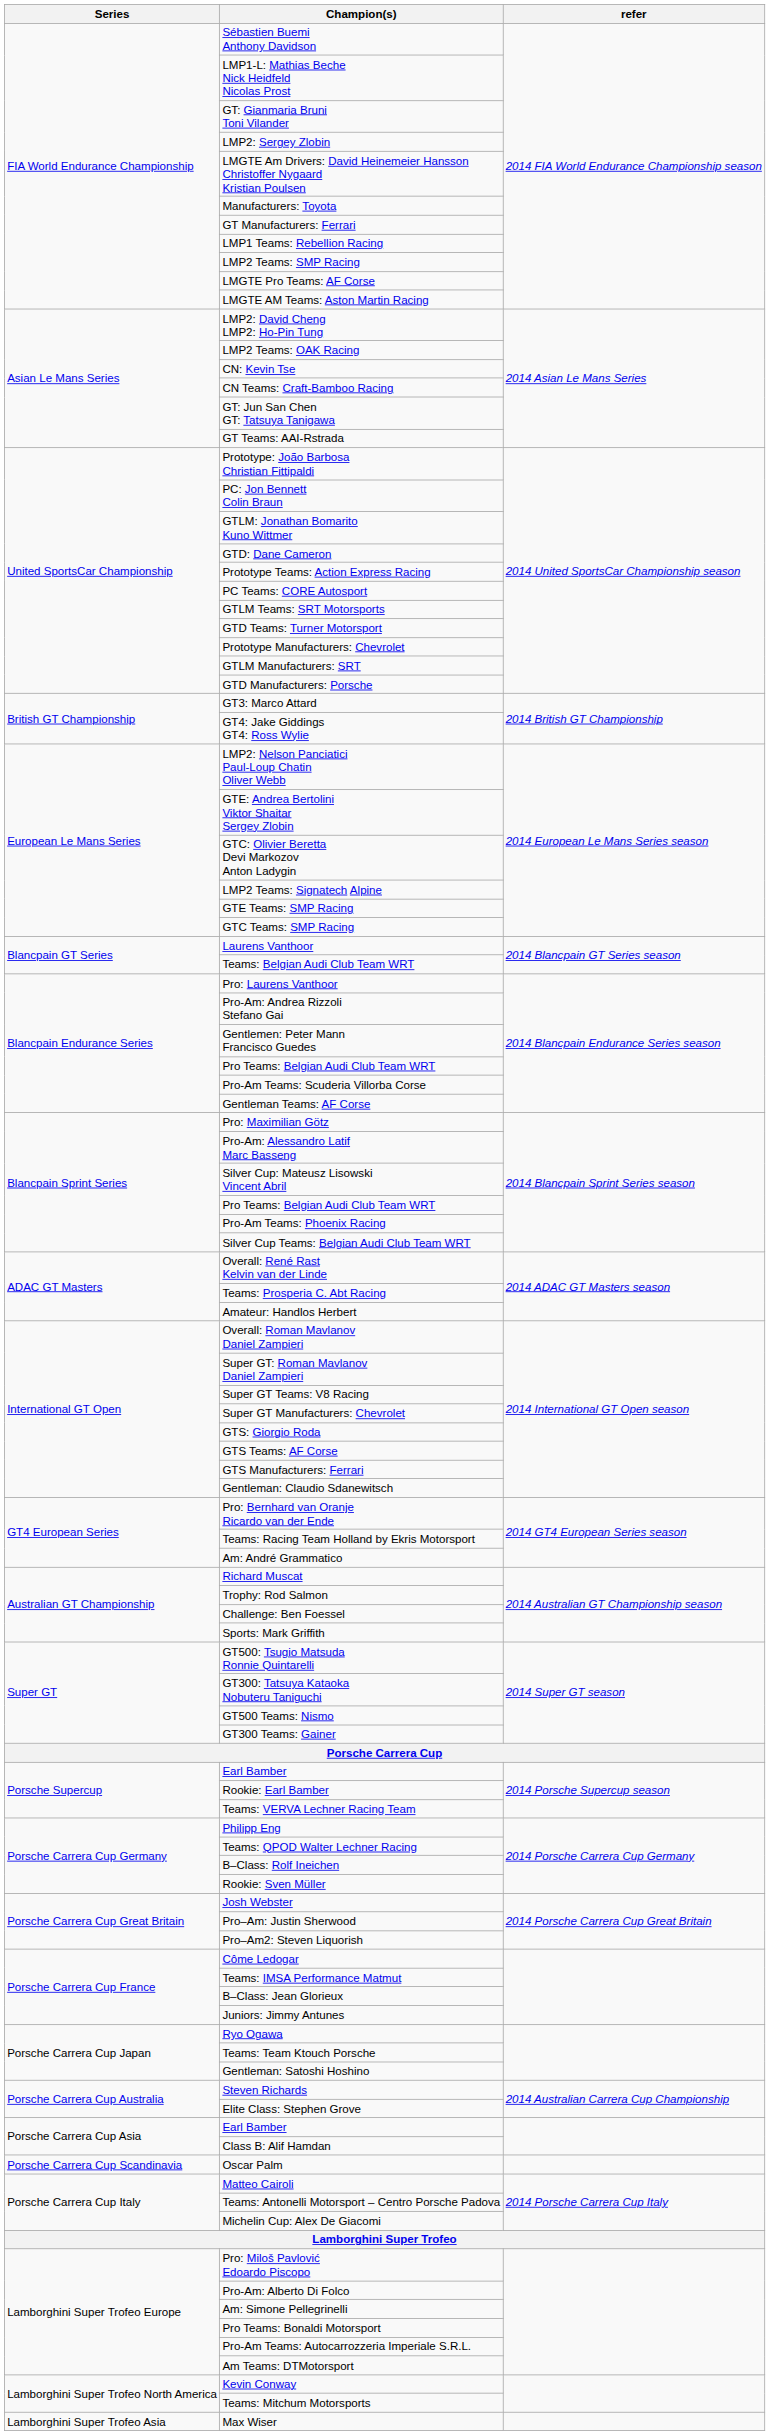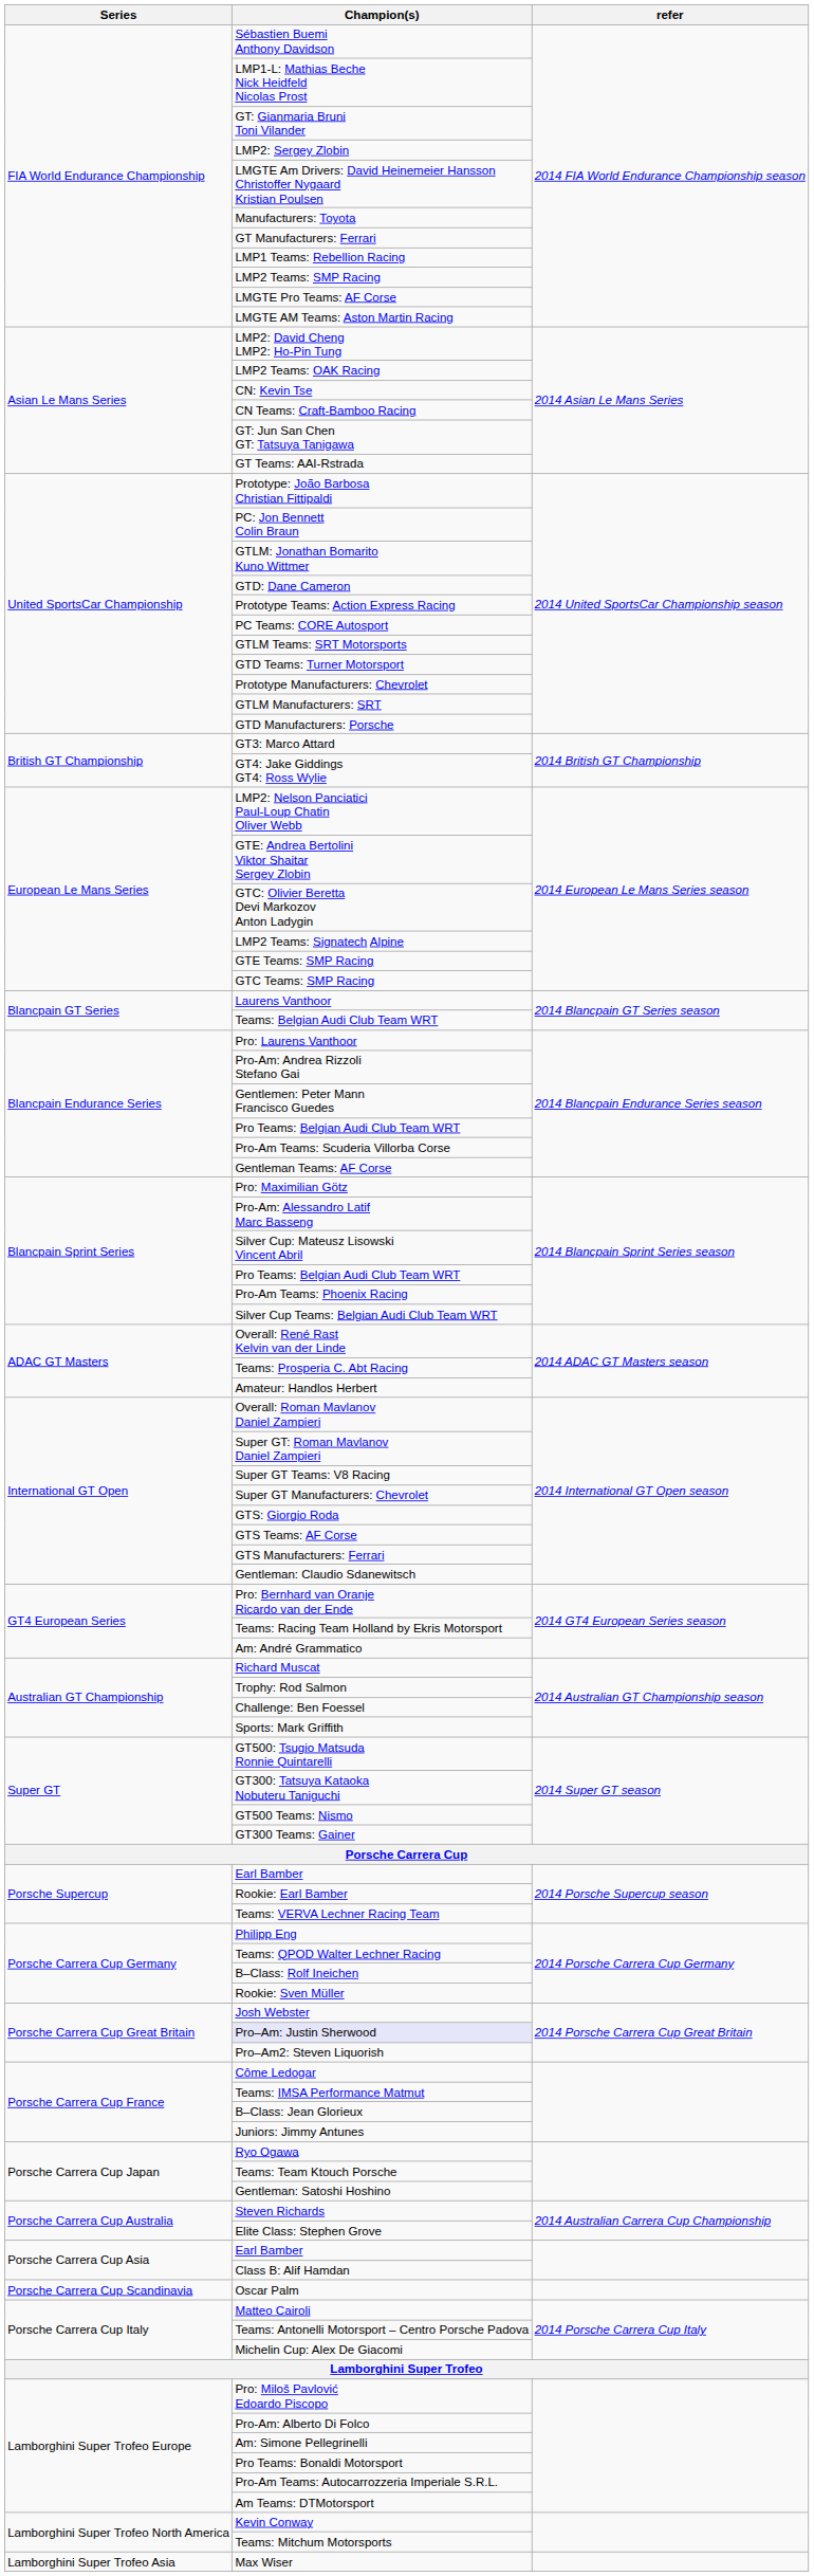 <table class="wikitable" style="font-size: 87%;">
 <tr>
 <th>Series</th>
 <th>Champion(s)</th>
 <th>refer</th>
 </tr>
 <tr>
 <td rowspan=11><a href='#'>FIA World Endurance Championship</a></td>
 <td> <a href='#'>Sébastien Buemi</a><br> <a href='#'>Anthony Davidson</a></td>
 <td rowspan=11><em><a href='#'>2014 FIA World Endurance Championship season</a></em></td>
 </tr>
 <tr>
 <td>LMP1-L:  <a href='#'>Mathias Beche</a><br> <a href='#'>Nick Heidfeld</a><br> <a href='#'>Nicolas Prost</a></td>
 </tr>
 <tr>
 <td>GT:  <a href='#'>Gianmaria Bruni</a><br> <a href='#'>Toni Vilander</a></td>
 </tr>
 <tr>
 <td>LMP2:  <a href='#'>Sergey Zlobin</a></td>
 </tr>
 <tr>
 <td>LMGTE Am Drivers:  <a href='#'>David Heinemeier Hansson</a><br> <a href='#'>Christoffer Nygaard</a><br> <a href='#'>Kristian Poulsen</a></td>
 </tr>
 <tr>
 <td>Manufacturers:  <a href='#'>Toyota</a></td>
 </tr>
 <tr>
 <td>GT Manufacturers:  <a href='#'>Ferrari</a></td>
 </tr>
 <tr>
 <td>LMP1 Teams:  <a href='#'>Rebellion Racing</a></td>
 </tr>
 <tr>
 <td>LMP2 Teams:  <a href='#'>SMP Racing</a></td>
 </tr>
 <tr>
 <td>LMGTE Pro Teams:  <a href='#'>AF Corse</a></td>
 </tr>
 <tr>
 <td>LMGTE AM Teams:  <a href='#'>Aston Martin Racing</a></td>
 </tr>
 <tr>
 <td rowspan=6><a href='#'>Asian Le Mans Series</a></td>
 <td>LMP2:  <a href='#'>David Cheng</a><br>LMP2:  <a href='#'>Ho-Pin Tung</a></td>
 <td rowspan=6><em><a href='#'>2014 Asian Le Mans Series</a></em></td>
 </tr>
 <tr>
 <td>LMP2 Teams:  <a href='#'>OAK Racing</a></td>
 </tr>
 <tr>
 <td>CN:  <a href='#'>Kevin Tse</a></td>
 </tr>
 <tr>
 <td>CN Teams:  <a href='#'>Craft-Bamboo Racing</a></td>
 </tr>
 <tr>
 <td>GT:  Jun San Chen<br>GT:  <a href='#'>Tatsuya Tanigawa</a></td>
 </tr>
 <tr>
 <td>GT Teams:  AAI-Rstrada</td>
 </tr>
 <tr>
 <td rowspan=11><a href='#'>United SportsCar Championship</a></td>
 <td>Prototype:  <a href='#'>João Barbosa</a><br> <a href='#'>Christian Fittipaldi</a></td>
 <td rowspan=11><em><a href='#'>2014 United SportsCar Championship season</a></em></td>
 </tr>
 <tr>
 <td>PC:  <a href='#'>Jon Bennett</a><br> <a href='#'>Colin Braun</a></td>
 </tr>
 <tr>
 <td>GTLM:  <a href='#'>Jonathan Bomarito</a> <br> <a href='#'>Kuno Wittmer</a></td>
 </tr>
 <tr>
 <td>GTD:  <a href='#'>Dane Cameron</a></td>
 </tr>
 <tr>
 <td>Prototype Teams:  <a href='#'>Action Express Racing</a></td>
 </tr>
 <tr>
 <td>PC Teams:  <a href='#'>CORE Autosport</a></td>
 </tr>
 <tr>
 <td>GTLM Teams:  <a href='#'>SRT Motorsports</a></td>
 </tr>
 <tr>
 <td>GTD Teams:  <a href='#'>Turner Motorsport</a></td>
 </tr>
 <tr>
 <td>Prototype Manufacturers:  <a href='#'>Chevrolet</a></td>
 </tr>
 <tr>
 <td>GTLM Manufacturers:  <a href='#'>SRT</a></td>
 </tr>
 <tr>
 <td>GTD Manufacturers:  <a href='#'>Porsche</a></td>
 </tr>
 <tr>
 <td rowspan=2><a href='#'>British GT Championship</a></td>
 <td>GT3:  Marco Attard</td>
 <td rowspan=2><em><a href='#'>2014 British GT Championship</a></em></td>
 </tr>
 <tr>
 <td>GT4:  Jake Giddings<br>GT4:  <a href='#'>Ross Wylie</a></td>
 </tr>
 <tr>
 <td rowspan=6><a href='#'>European Le Mans Series</a></td>
 <td>LMP2:  <a href='#'>Nelson Panciatici</a><br> <a href='#'>Paul-Loup Chatin</a><br> <a href='#'>Oliver Webb</a></td>
 <td rowspan=6><em><a href='#'>2014 European Le Mans Series season</a></em></td>
 </tr>
 <tr>
 <td>GTE:  <a href='#'>Andrea Bertolini</a><br> <a href='#'>Viktor Shaitar</a><br> <a href='#'>Sergey Zlobin</a></td>
 </tr>
 <tr>
 <td>GTC:  <a href='#'>Olivier Beretta</a><br> Devi Markozov<br> Anton Ladygin</td>
 </tr>
 <tr>
 <td>LMP2 Teams:  <a href='#'>Signatech</a> <a href='#'>Alpine</a></td>
 </tr>
 <tr>
 <td>GTE Teams:  <a href='#'>SMP Racing</a></td>
 </tr>
 <tr>
 <td>GTC Teams:  <a href='#'>SMP Racing</a></td>
 </tr>
 <tr>
 <td rowspan=2><a href='#'>Blancpain GT Series</a></td>
 <td> <a href='#'>Laurens Vanthoor</a></td>
 <td rowspan=2><em><a href='#'>2014 Blancpain GT Series season</a></em></td>
 </tr>
 <tr>
 <td>Teams:  <a href='#'>Belgian Audi Club Team WRT</a></td>
 </tr>
 <tr>
 <td rowspan=6><a href='#'>Blancpain Endurance Series</a></td>
 <td>Pro:  <a href='#'>Laurens Vanthoor</a></td>
 <td rowspan=6><em><a href='#'>2014 Blancpain Endurance Series season</a></em></td>
 </tr>
 <tr>
 <td>Pro-Am:  Andrea Rizzoli<br> Stefano Gai</td>
 </tr>
 <tr>
 <td>Gentlemen:  Peter Mann<br> Francisco Guedes</td>
 </tr>
 <tr>
 <td>Pro Teams:  <a href='#'>Belgian Audi Club Team WRT</a></td>
 </tr>
 <tr>
 <td>Pro-Am Teams:  Scuderia Villorba Corse</td>
 </tr>
 <tr>
 <td>Gentleman Teams:  <a href='#'>AF Corse</a></td>
 </tr>
 <tr>
 <td rowspan=6><a href='#'>Blancpain Sprint Series</a></td>
 <td>Pro:  <a href='#'>Maximilian Götz</a></td>
 <td rowspan=6><em><a href='#'>2014 Blancpain Sprint Series season</a></em></td>
 </tr>
 <tr>
 <td>Pro-Am:  <a href='#'>Alessandro Latif</a><br> <a href='#'>Marc Basseng</a></td>
 </tr>
 <tr>
 <td>Silver Cup:  Mateusz Lisowski<br> <a href='#'>Vincent Abril</a></td>
 </tr>
 <tr>
 <td>Pro Teams:  <a href='#'>Belgian Audi Club Team WRT</a></td>
 </tr>
 <tr>
 <td>Pro-Am Teams:  <a href='#'>Phoenix Racing</a></td>
 </tr>
 <tr>
 <td>Silver Cup Teams:  <a href='#'>Belgian Audi Club Team WRT</a></td>
 </tr>
 <tr>
 <td rowspan=3><a href='#'>ADAC GT Masters</a></td>
 <td>Overall:  <a href='#'>René Rast</a><br> <a href='#'>Kelvin van der Linde</a></td>
 <td rowspan=3><em><a href='#'>2014 ADAC GT Masters season</a></em></td>
 </tr>
 <tr>
 <td>Teams:  <a href='#'>Prosperia C. Abt Racing</a></td>
 </tr>
 <tr>
 <td>Amateur:  Handlos Herbert</td>
 </tr>
 <tr>
 <td rowspan=8><a href='#'>International GT Open</a></td>
 <td>Overall:  <a href='#'>Roman Mavlanov</a><br> <a href='#'>Daniel Zampieri</a></td>
 <td rowspan=8><em><a href='#'>2014 International GT Open season</a></em></td>
 </tr>
 <tr>
 <td>Super GT:  <a href='#'>Roman Mavlanov</a><br> <a href='#'>Daniel Zampieri</a></td>
 </tr>
 <tr>
 <td>Super GT Teams:  V8 Racing</td>
 </tr>
 <tr>
 <td>Super GT Manufacturers:  <a href='#'>Chevrolet</a></td>
 </tr>
 <tr>
 <td>GTS:  <a href='#'>Giorgio Roda</a></td>
 </tr>
 <tr>
 <td>GTS Teams:  <a href='#'>AF Corse</a></td>
 </tr>
 <tr>
 <td>GTS Manufacturers:  <a href='#'>Ferrari</a></td>
 </tr>
 <tr>
 <td>Gentleman:  Claudio Sdanewitsch</td>
 </tr>
 <tr>
 <td rowspan=3><a href='#'>GT4 European Series</a></td>
 <td>Pro:  <a href='#'>Bernhard van Oranje</a><br> <a href='#'>Ricardo van der Ende</a></td>
 <td rowspan=3><em><a href='#'>2014 GT4 European Series season</a></em></td>
 </tr>
 <tr>
 <td>Teams:  Racing Team Holland by Ekris Motorsport</td>
 </tr>
 <tr>
 <td>Am:  André Grammatico</td>
 </tr>
 <tr>
 <td rowspan=4><a href='#'>Australian GT Championship</a></td>
 <td> <a href='#'>Richard Muscat</a></td>
 <td rowspan=4><em><a href='#'>2014 Australian GT Championship season</a></em></td>
 </tr>
 <tr>
 <td>Trophy:  Rod Salmon</td>
 </tr>
 <tr>
 <td>Challenge:  Ben Foessel</td>
 </tr>
 <tr>
 <td>Sports:  Mark Griffith</td>
 </tr>
 <tr>
 <td rowspan=4><a href='#'>Super GT</a></td>
 <td>GT500:  <a href='#'>Tsugio Matsuda</a><br> <a href='#'>Ronnie Quintarelli</a></td>
 <td rowspan=4><em><a href='#'>2014 Super GT season</a></em></td>
 </tr>
 <tr>
 <td>GT300:  <a href='#'>Tatsuya Kataoka</a><br> <a href='#'>Nobuteru Taniguchi</a></td>
 </tr>
 <tr>
 <td>GT500 Teams:  <a href='#'>Nismo</a></td>
 </tr>
 <tr>
 <td>GT300 Teams:  <a href='#'>Gainer</a></td>
 </tr>
 <tr>
 <th colspan=3><a href='#'>Porsche Carrera Cup</a></th>
 </tr>
 <tr>
 <td rowspan=3><a href='#'>Porsche Supercup</a></td>
 <td> <a href='#'>Earl Bamber</a></td>
 <td rowspan=3><em><a href='#'>2014 Porsche Supercup season</a></em></td>
 </tr>
 <tr>
 <td>Rookie:  <a href='#'>Earl Bamber</a></td>
 </tr>
 <tr>
 <td>Teams:  <a href='#'>VERVA Lechner Racing Team</a></td>
 </tr>
 <tr>
 <td rowspan=4><a href='#'>Porsche Carrera Cup Germany</a></td>
 <td> <a href='#'>Philipp Eng</a></td>
 <td rowspan=4><em><a href='#'>2014 Porsche Carrera Cup Germany</a></em></td>
 </tr>
 <tr>
 <td>Teams:  <a href='#'>QPOD Walter Lechner Racing</a></td>
 </tr>
 <tr>
 <td>B–Class:  <a href='#'>Rolf Ineichen</a></td>
 </tr>
 <tr>
 <td>Rookie:  <a href='#'>Sven Müller</a></td>
 </tr>
 <tr>
 <td rowspan=3><a href='#'>Porsche Carrera Cup Great Britain</a></td>
 <td> <a href='#'>Josh Webster</a></td>
 <td rowspan=3><em><a href='#'>2014 Porsche Carrera Cup Great Britain</a></em></td>
 </tr>
 <tr>
-<td>Pro–Am:  Justin Sherwood</td>
+<td style="background: lavender;">Pro–Am:  Justin Sherwood</td>
 </tr>
 <tr>
 <td>Pro–Am2:  Steven Liquorish</td>
 </tr>
 <tr>
 <td rowspan=4><a href='#'>Porsche Carrera Cup France</a></td>
 <td> <a href='#'>Côme Ledogar</a></td>
 <td rowspan=4></td>
 </tr>
 <tr>
 <td>Teams:  <a href='#'>IMSA Performance Matmut</a></td>
 </tr>
 <tr>
 <td>B–Class:  Jean Glorieux</td>
 </tr>
 <tr>
 <td>Juniors:  Jimmy Antunes</td>
 </tr>
 <tr>
 <td rowspan=3>Porsche Carrera Cup Japan</td>
 <td> <a href='#'>Ryo Ogawa</a></td>
 <td rowspan=3></td>
 </tr>
 <tr>
 <td>Teams:  Team Ktouch Porsche</td>
 </tr>
 <tr>
 <td>Gentleman:  Satoshi Hoshino</td>
 </tr>
 <tr>
 <td rowspan=2><a href='#'>Porsche Carrera Cup Australia</a></td>
 <td> <a href='#'>Steven Richards</a></td>
 <td rowspan=2><em><a href='#'>2014 Australian Carrera Cup Championship</a></em></td>
 </tr>
 <tr>
 <td>Elite Class:  Stephen Grove</td>
 </tr>
 <tr>
 <td rowspan=2>Porsche Carrera Cup Asia</td>
 <td> <a href='#'>Earl Bamber</a></td>
 <td rowspan=2></td>
 </tr>
 <tr>
 <td>Class B:  Alif Hamdan</td>
 </tr>
 <tr>
 <td><a href='#'>Porsche Carrera Cup Scandinavia</a></td>
 <td> Oscar Palm</td>
 <td></td>
 </tr>
 <tr>
 <td rowspan=3>Porsche Carrera Cup Italy</td>
 <td> <a href='#'>Matteo Cairoli</a></td>
 <td rowspan=3><em><a href='#'>2014 Porsche Carrera Cup Italy</a></em></td>
 </tr>
 <tr>
 <td>Teams:  Antonelli Motorsport – Centro Porsche Padova</td>
 </tr>
 <tr>
 <td>Michelin Cup:  Alex De Giacomi</td>
 </tr>
 <tr>
 <th colspan=6><a href='#'>Lamborghini Super Trofeo</a></th>
 </tr>
 <tr>
 <td rowspan=6>Lamborghini Super Trofeo Europe</td>
 <td>Pro:  <a href='#'>Miloš Pavlović</a><br> <a href='#'>Edoardo Piscopo</a></td>
 <td rowspan=6></td>
 </tr>
 <tr>
 <td>Pro-Am:  Alberto Di Folco</td>
 </tr>
 <tr>
 <td>Am:  Simone Pellegrinelli</td>
 </tr>
 <tr>
 <td>Pro Teams:  Bonaldi Motorsport</td>
 </tr>
 <tr>
 <td>Pro-Am Teams:  Autocarrozzeria Imperiale S.R.L.</td>
 </tr>
 <tr>
 <td>Am Teams:  DTMotorsport</td>
 </tr>
 <tr>
 <td rowspan=2>Lamborghini Super Trofeo North America</td>
 <td> <a href='#'>Kevin Conway</a></td>
 <td rowspan=2></td>
 </tr>
 <tr>
 <td>Teams:  Mitchum Motorsports</td>
 </tr>
 <tr>
 <td>Lamborghini Super Trofeo Asia</td>
 <td> Max Wiser</td>
 <td></td>
 </tr>
 </table>
